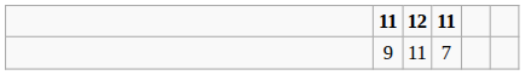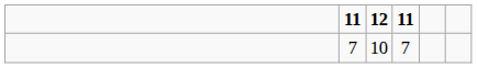 <table class="wikitable">
 <tr>
 <td style="width:18em"></td>
 <td align=center style="width:1em"><strong>11</strong></td>
 <td align=center style="width:1em"><strong>12</strong></td>
 <td align=center style="width:1em"><strong>11</strong></td>
 <td align=center style="width:1em"></td>
 <td align=center style="width:1em"></td>
 </tr>
 <tr>
 <td style="width:18em"></td>
-<td align=center style="width:1em">9</td>
-<td align=center style="width:1em">11</td>
+<td align=center style="width:1em">7</td>
+<td align=center style="width:1em">10</td>
 <td align=center style="width:1em">7</td>
 <td align=center style="width:1em"></td>
 <td align=center style="width:1em"></td>
 </tr>
 </table>
